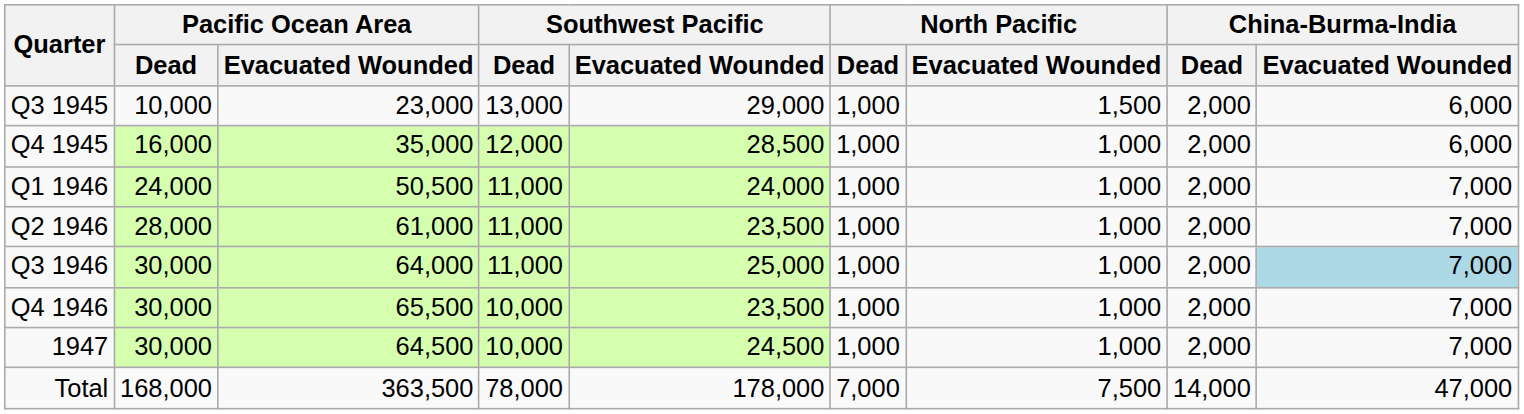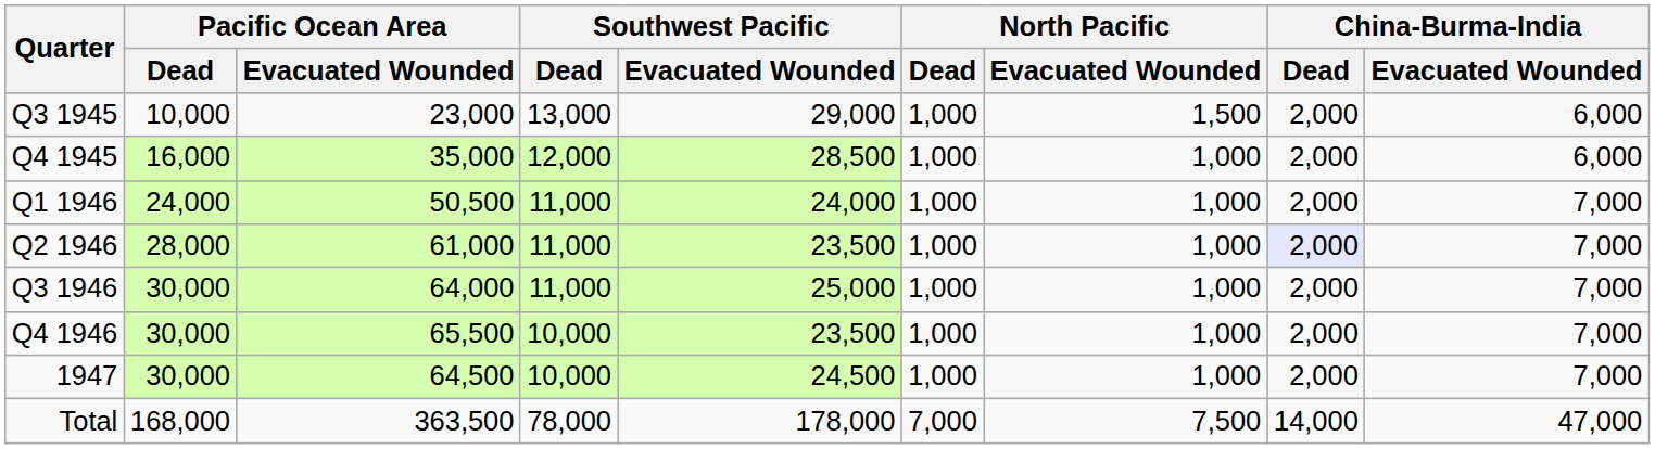 <table class="wikitable mw-collapsible">
 <tr>
 <th rowspan="2">Quarter</th>
 <th colspan="2">Pacific Ocean Area</th>
 <th colspan="2">Southwest Pacific</th>
 <th colspan="2">North Pacific</th>
 <th colspan="2">China-Burma-India</th>
 </tr>
 <tr>
 <th>Dead</th>
 <th>Evacuated Wounded</th>
 <th>Dead</th>
 <th>Evacuated Wounded</th>
 <th>Dead</th>
 <th>Evacuated Wounded</th>
 <th>Dead</th>
 <th>Evacuated Wounded</th>
 </tr>
 <tr style="text-align: right;">
 <td>Q3 1945</td>
 <td>10,000</td>
 <td>23,000</td>
 <td>13,000</td>
 <td>29,000</td>
 <td>1,000</td>
 <td>1,500</td>
 <td>2,000</td>
 <td>6,000</td>
 </tr>
 <tr style="text-align: right;">
 <td>Q4 1945</td>
 <td style="background: #d5ffaf;">16,000</td>
 <td style="background: #d5ffaf;">35,000</td>
 <td style="background: #d5ffaf;">12,000</td>
 <td style="background: #d5ffaf;">28,500</td>
 <td>1,000</td>
 <td>1,000</td>
 <td>2,000</td>
 <td>6,000</td>
 </tr>
 <tr style="text-align: right;">
 <td>Q1 1946</td>
 <td style="background: #d5ffaf;">24,000</td>
 <td style="background: #d5ffaf;">50,500</td>
 <td style="background: #d5ffaf;">11,000</td>
 <td style="background: #d5ffaf;">24,000</td>
 <td>1,000</td>
 <td>1,000</td>
 <td>2,000</td>
 <td>7,000</td>
 </tr>
 <tr style="text-align: right;">
 <td>Q2 1946</td>
 <td style="background: #d5ffaf;">28,000</td>
 <td style="background: #d5ffaf;">61,000</td>
 <td style="background: #d5ffaf;">11,000</td>
 <td style="background: #d5ffaf;">23,500</td>
 <td>1,000</td>
 <td>1,000</td>
-<td>2,000</td>
+<td style="background: lavender;">2,000</td>
 <td>7,000</td>
 </tr>
 <tr style="text-align: right;">
 <td>Q3 1946</td>
 <td style="background: #d5ffaf;">30,000</td>
 <td style="background: #d5ffaf;">64,000</td>
 <td style="background: #d5ffaf;">11,000</td>
 <td style="background: #d5ffaf;">25,000</td>
 <td>1,000</td>
 <td>1,000</td>
 <td>2,000</td>
-<td style="background: lightblue;">7,000</td>
+<td>7,000</td>
 </tr>
 <tr style="text-align: right;">
 <td>Q4 1946</td>
 <td style="background: #d5ffaf;">30,000</td>
 <td style="background: #d5ffaf;">65,500</td>
 <td style="background: #d5ffaf;">10,000</td>
 <td style="background: #d5ffaf;">23,500</td>
 <td>1,000</td>
 <td>1,000</td>
 <td>2,000</td>
 <td>7,000</td>
 </tr>
 <tr style="text-align: right;">
 <td>1947</td>
 <td style="background: #d5ffaf;">30,000</td>
 <td style="background: #d5ffaf;">64,500</td>
 <td style="background: #d5ffaf;">10,000</td>
 <td style="background: #d5ffaf;">24,500</td>
 <td>1,000</td>
 <td>1,000</td>
 <td>2,000</td>
 <td>7,000</td>
 </tr>
 <tr style="text-align: right;">
 <td>Total</td>
 <td>168,000</td>
 <td>363,500</td>
 <td>78,000</td>
 <td>178,000</td>
 <td>7,000</td>
 <td>7,500</td>
 <td>14,000</td>
 <td>47,000</td>
 </tr>
 </table>
